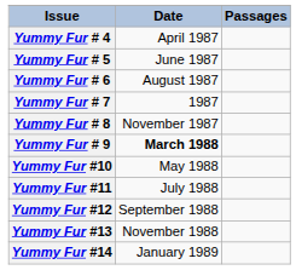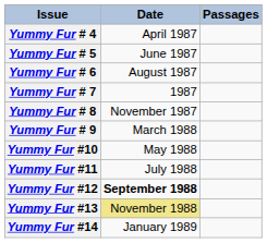 <table class="wikitable plainrowheaders" style="float: right;margin-left:1em;">
 <tr>
 </tr>
 <tr>
 <th scope="col" style="background:#B0C4DE;">Issue</th>
 <th scope="col" style="background:#B0C4DE;">Date</th>
 <th scope="col" style="background:#B0C4DE;">Passages</th>
 </tr>
 <tr>
 <th scope="row"><em><a href='#'>Yummy Fur</a></em> # 4</th>
 <td style="text-align:right;">April 1987</td>
 <td></td>
 </tr>
 <tr>
 <th scope="row"><em><a href='#'>Yummy Fur</a></em> # 5</th>
 <td style="text-align:right;">June 1987</td>
 <td></td>
 </tr>
 <tr>
 <th scope="row"><em><a href='#'>Yummy Fur</a></em> # 6</th>
 <td style="text-align:right;">August 1987</td>
 <td></td>
 </tr>
 <tr>
 <th scope="row"><em><a href='#'>Yummy Fur</a></em> # 7</th>
 <td style="text-align:right;">1987</td>
 <td></td>
 </tr>
 <tr>
 <th scope="row"><em><a href='#'>Yummy Fur</a></em> # 8</th>
 <td style="text-align:right;">November 1987</td>
 <td></td>
 </tr>
 <tr>
 <th scope="row"><em><a href='#'>Yummy Fur</a></em> # 9</th>
-<td style="text-align:right;"><strong>March 1988</strong></td>
+<td style="text-align:right;">March 1988</td>
 <td></td>
 </tr>
 <tr>
 <th scope="row"><em><a href='#'>Yummy Fur</a></em> #10</th>
 <td style="text-align:right;">May 1988</td>
 <td></td>
 </tr>
 <tr>
 <th scope="row"><em><a href='#'>Yummy Fur</a></em> #11</th>
 <td style="text-align:right;">July 1988</td>
 <td></td>
 </tr>
 <tr>
 <th scope="row"><em><a href='#'>Yummy Fur</a></em> #12</th>
-<td style="text-align:right;">September 1988</td>
+<td style="text-align:right;"><strong>September 1988</strong></td>
 <td></td>
 </tr>
 <tr>
 <th scope="row"><em><a href='#'>Yummy Fur</a></em> #13</th>
-<td style="text-align:right;">November 1988</td>
+<td style="background: khaki; text-align:right;">November 1988</td>
 <td></td>
 </tr>
 <tr>
 <th scope="row"><em><a href='#'>Yummy Fur</a></em> #14</th>
 <td style="text-align:right;">January 1989</td>
 <td></td>
 </tr>
 </table>
